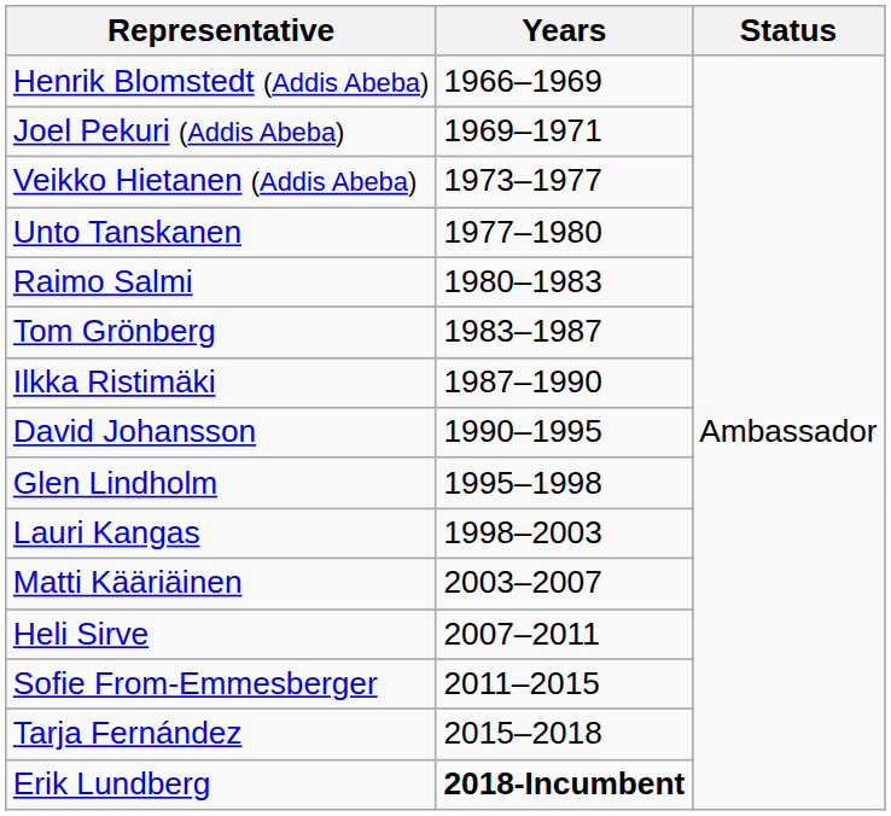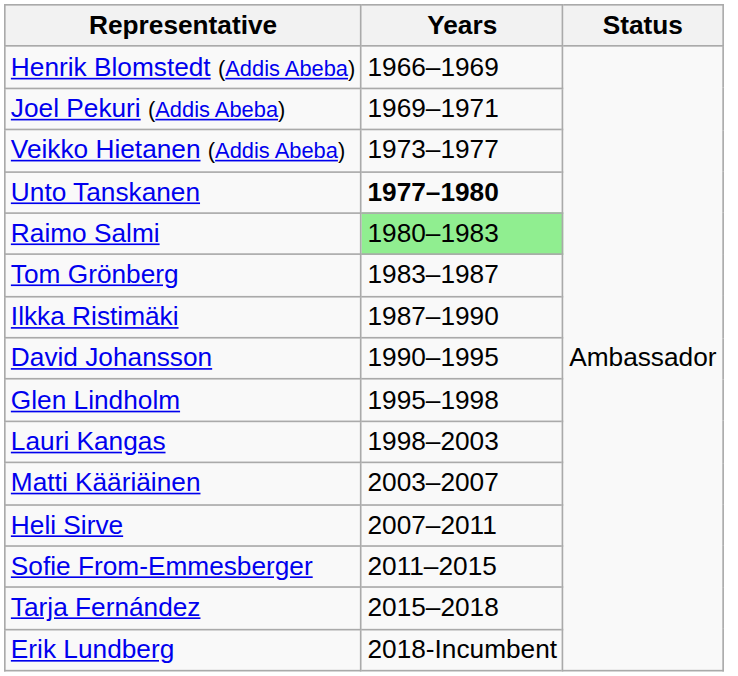 <table class="wikitable sortable">
 <tr>
 <th>Representative</th>
 <th>Years</th>
 <th>Status</th>
 </tr>
 <tr>
 <td><a href='#'>Henrik Blomstedt</a> <small>(<a href='#'>Addis Abeba</a>)</small></td>
 <td>1966–1969</td>
 <td rowspan="15">Ambassador</td>
 </tr>
 <tr>
 <td><a href='#'>Joel Pekuri</a> <small>(<a href='#'>Addis Abeba</a>)</small></td>
 <td>1969–1971</td>
 </tr>
 <tr>
 <td><a href='#'>Veikko Hietanen</a> <small>(<a href='#'>Addis Abeba</a>)</small></td>
 <td>1973–1977</td>
 </tr>
 <tr>
 <td><a href='#'>Unto Tanskanen</a></td>
-<td>1977–1980</td>
+<td><strong>1977–1980</strong></td>
 </tr>
 <tr>
 <td><a href='#'>Raimo Salmi</a></td>
-<td>1980–1983</td>
+<td style="background: lightgreen;">1980–1983</td>
 </tr>
 <tr>
 <td><a href='#'>Tom Grönberg</a></td>
 <td>1983–1987</td>
 </tr>
 <tr>
 <td><a href='#'>Ilkka Ristimäki</a></td>
 <td>1987–1990</td>
 </tr>
 <tr>
 <td><a href='#'>David Johansson</a></td>
 <td>1990–1995</td>
 </tr>
 <tr>
 <td><a href='#'>Glen Lindholm</a></td>
 <td>1995–1998</td>
 </tr>
 <tr>
 <td><a href='#'>Lauri Kangas</a></td>
 <td>1998–2003</td>
 </tr>
 <tr>
 <td><a href='#'>Matti Kääriäinen</a></td>
 <td>2003–2007</td>
 </tr>
 <tr>
 <td><a href='#'>Heli Sirve</a></td>
 <td>2007–2011</td>
 </tr>
 <tr>
 <td><a href='#'>Sofie From-Emmesberger</a></td>
 <td>2011–2015</td>
 </tr>
 <tr>
 <td><a href='#'>Tarja Fernández</a></td>
 <td>2015–2018</td>
 </tr>
 <tr>
 <td><a href='#'>Erik Lundberg</a></td>
-<td><strong>2018-Incumbent</strong></td>
+<td>2018-Incumbent</td>
 </tr>
 </table>
